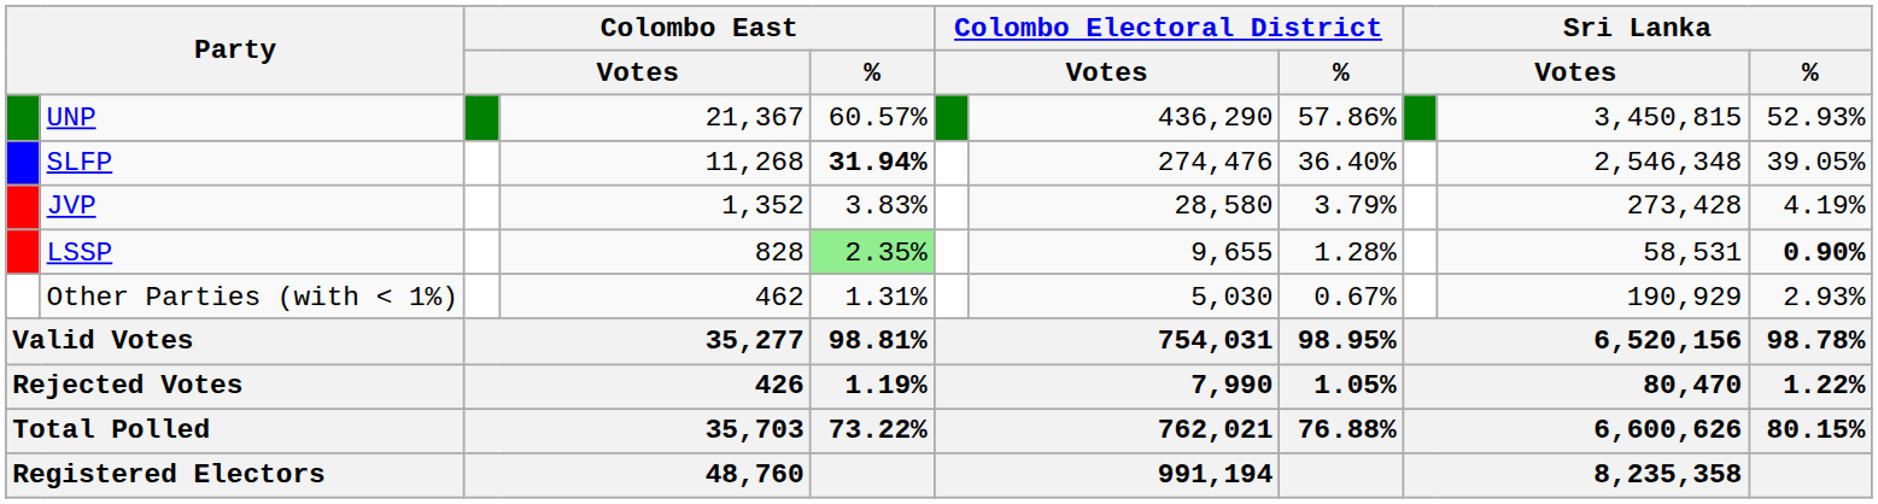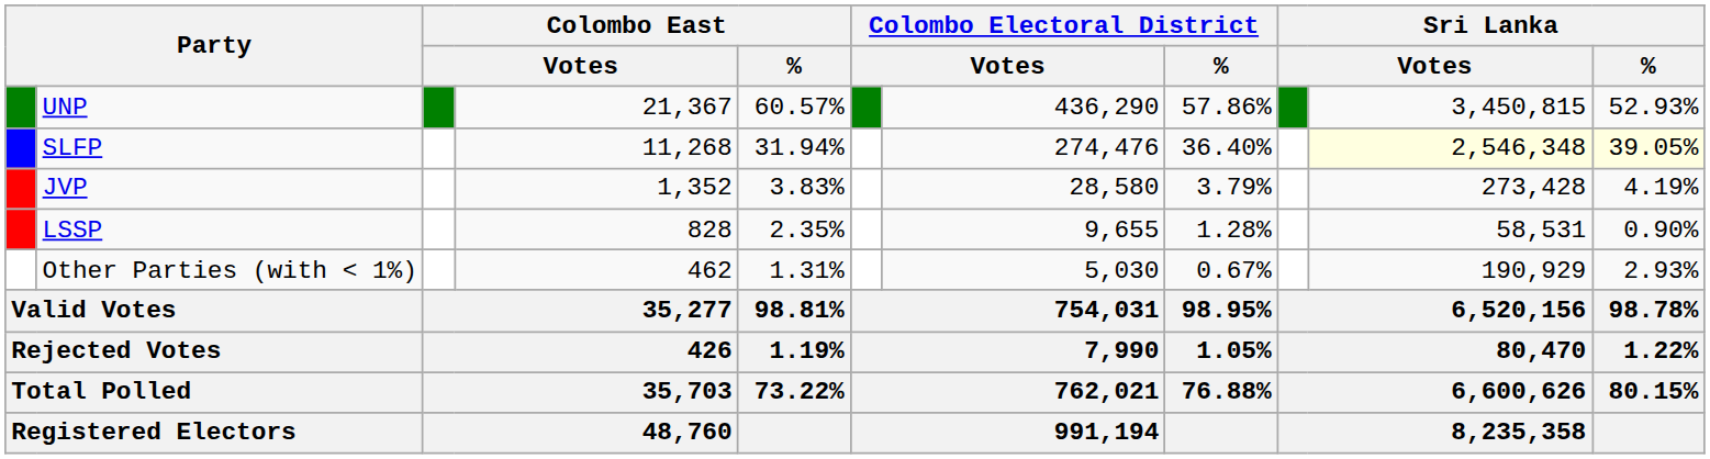 <table class="wikitable">
 <tr>
 <th colspan="2" width="144px"rowspan="2">Party</th>
 <th colspan="3" width="216px">Colombo East</th>
 <th colspan="3" width="216px"><a href='#'>Colombo Electoral District</a></th>
 <th colspan="3" width="216px">Sri Lanka</th>
 </tr>
 <tr>
 <th colspan="2" width="144px">Votes</th>
 <th>%</th>
 <th colspan="2" width="144px">Votes</th>
 <th>%</th>
 <th colspan="2" width="144px">Votes</th>
 <th>%</th>
 </tr>
 <tr>
 <td style="background-color:green;" width="10px"></td>
 <td style="text-align:left;"><a href='#'>UNP</a></td>
 <td style="background-color:green;" width="10px"></td>
 <td style="text-align:right;">21,367</td>
 <td style="text-align:right;">60.57%</td>
 <td style="background-color:green;" width="10px"></td>
 <td style="text-align:right;">436,290</td>
 <td style="text-align:right;">57.86%</td>
 <td style="background-color:green;" width="10px"></td>
 <td style="text-align:right;">3,450,815</td>
 <td style="text-align:right;">52.93%</td>
 </tr>
 <tr>
 <td style="background-color:blue;" width="10px"></td>
 <td style="text-align:left;"><a href='#'>SLFP</a></td>
 <td style="background-color:white;" width="10px"></td>
 <td style="text-align:right;">11,268</td>
-<td style="text-align:right;"><strong>31.94%</strong></td>
+<td style="text-align:right;">31.94%</td>
 <td style="background-color:white;" width="10px"></td>
 <td style="text-align:right;">274,476</td>
 <td style="text-align:right;">36.40%</td>
 <td style="background-color:white;" width="10px"></td>
-<td style="text-align:right;">2,546,348</td>
-<td style="text-align:right;">39.05%</td>
+<td style="background: lightyellow; text-align:right;">2,546,348</td>
+<td style="background: lightyellow; text-align:right;">39.05%</td>
 </tr>
 <tr>
 <td style="background-color:red;" width="10px"></td>
 <td style="text-align:left;"><a href='#'>JVP</a></td>
 <td style="background-color:white;" width="10px"></td>
 <td style="text-align:right;">1,352</td>
 <td style="text-align:right;">3.83%</td>
 <td style="background-color:white;" width="10px"></td>
 <td style="text-align:right;">28,580</td>
 <td style="text-align:right;">3.79%</td>
 <td style="background-color:white;" width="10px"></td>
 <td style="text-align:right;">273,428</td>
 <td style="text-align:right;">4.19%</td>
 </tr>
 <tr>
 <td style="background-color:red;" width="10px"></td>
 <td style="text-align:left;"><a href='#'>LSSP</a></td>
 <td style="background-color:white;" width="10px"></td>
 <td style="text-align:right;">828</td>
-<td style="background: lightgreen; text-align:right;">2.35%</td>
+<td style="text-align:right;">2.35%</td>
 <td style="background-color:white;" width="10px"></td>
 <td style="text-align:right;">9,655</td>
 <td style="text-align:right;">1.28%</td>
 <td style="background-color:white;" width="10px"></td>
 <td style="text-align:right;">58,531</td>
-<td style="text-align:right;"><strong>0.90%</strong></td>
+<td style="text-align:right;">0.90%</td>
 </tr>
 <tr>
 <td style="background-color:white;" width="10px"></td>
 <td style="text-align:left;">Other Parties (with < 1%)</td>
 <td style="background-color:white;" width="10px"></td>
 <td style="text-align:right;">462</td>
 <td style="text-align:right;">1.31%</td>
 <td style="background-color:white;" width="10px"></td>
 <td style="text-align:right;">5,030</td>
 <td style="text-align:right;">0.67%</td>
 <td style="background-color:white;" width="10px"></td>
 <td style="text-align:right;">190,929</td>
 <td style="text-align:right;">2.93%</td>
 </tr>
 <tr>
 <th colspan="2" width="144px"style="text-align:left;">Valid Votes</th>
 <th style="text-align:right;"colspan="2" width="144px">35,277</th>
 <th style="text-align:right;">98.81%</th>
 <th style="text-align:right;"colspan="2" width="144px">754,031</th>
 <th style="text-align:right;">98.95%</th>
 <th style="text-align:right;"colspan="2" width="144px">6,520,156</th>
 <th style="text-align:right;">98.78%</th>
 </tr>
 <tr>
 <th colspan="2" width="144px"style="text-align:left;">Rejected Votes</th>
 <th style="text-align:right;"colspan="2" width="144px">426</th>
 <th style="text-align:right;">1.19%</th>
 <th style="text-align:right;"colspan="2" width="144px">7,990</th>
 <th style="text-align:right;">1.05%</th>
 <th style="text-align:right;"colspan="2" width="144px">80,470</th>
 <th style="text-align:right;">1.22%</th>
 </tr>
 <tr>
 <th colspan="2" width="144px"style="text-align:left;">Total Polled</th>
 <th style="text-align:right;"colspan="2" width="144px">35,703</th>
 <th style="text-align:right;">73.22%</th>
 <th style="text-align:right;"colspan="2" width="144px">762,021</th>
 <th style="text-align:right;">76.88%</th>
 <th style="text-align:right;"colspan="2" width="144px">6,600,626</th>
 <th style="text-align:right;">80.15%</th>
 </tr>
 <tr>
 <th colspan="2" width="144px"style="text-align:left;">Registered Electors</th>
 <th style="text-align:right;"colspan="2" width="144px">48,760</th>
 <th></th>
 <th style="text-align:right;"colspan="2" width="144px">991,194</th>
 <th></th>
 <th style="text-align:right;"colspan="2" width="144px">8,235,358</th>
 <th></th>
 </tr>
 </table>
